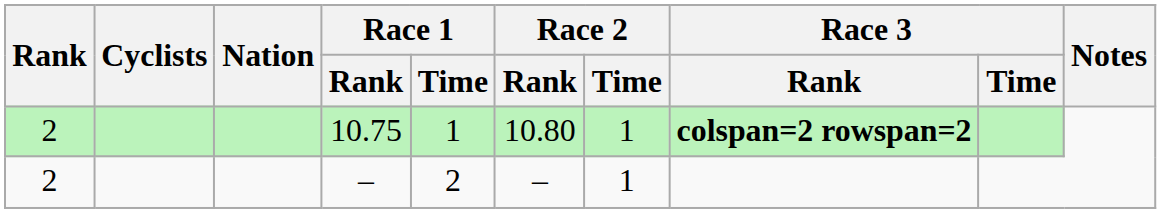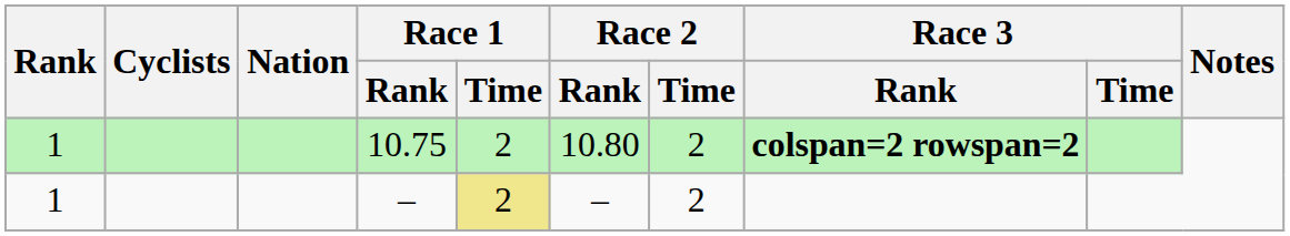 <table class="wikitable sortable" style="text-align:center">
 <tr>
 <th rowspan=2>Rank</th>
 <th rowspan=2>Cyclists</th>
 <th rowspan=2>Nation</th>
 <th colspan=2>Race 1</th>
 <th colspan=2>Race 2</th>
 <th colspan=2>Race 3</th>
 <th rowspan=2>Notes</th>
 </tr>
 <tr>
 <th>Rank</th>
 <th>Time</th>
 <th>Rank</th>
 <th>Time</th>
 <th>Rank</th>
 <th>Time</th>
 </tr>
 <tr bgcolor=bbf3bb>
-<td>2</td>
+<td>1</td>
 <td align=left></td>
 <td align=left></td>
 <td>10.75</td>
-<td>1</td>
+<td>2</td>
 <td>10.80</td>
-<td>1</td>
+<td>2</td>
 <td><strong>colspan=2 rowspan=2 </strong></td>
 <td></td>
 </tr>
 <tr>
-<td>2</td>
+<td>1</td>
 <td align=left></td>
 <td align=left></td>
 <td>–</td>
+<td style="background: khaki;">2</td>
+<td>–</td>
 <td>2</td>
-<td>–</td>
-<td>1</td>
 <td></td>
 </tr>
 </table>
